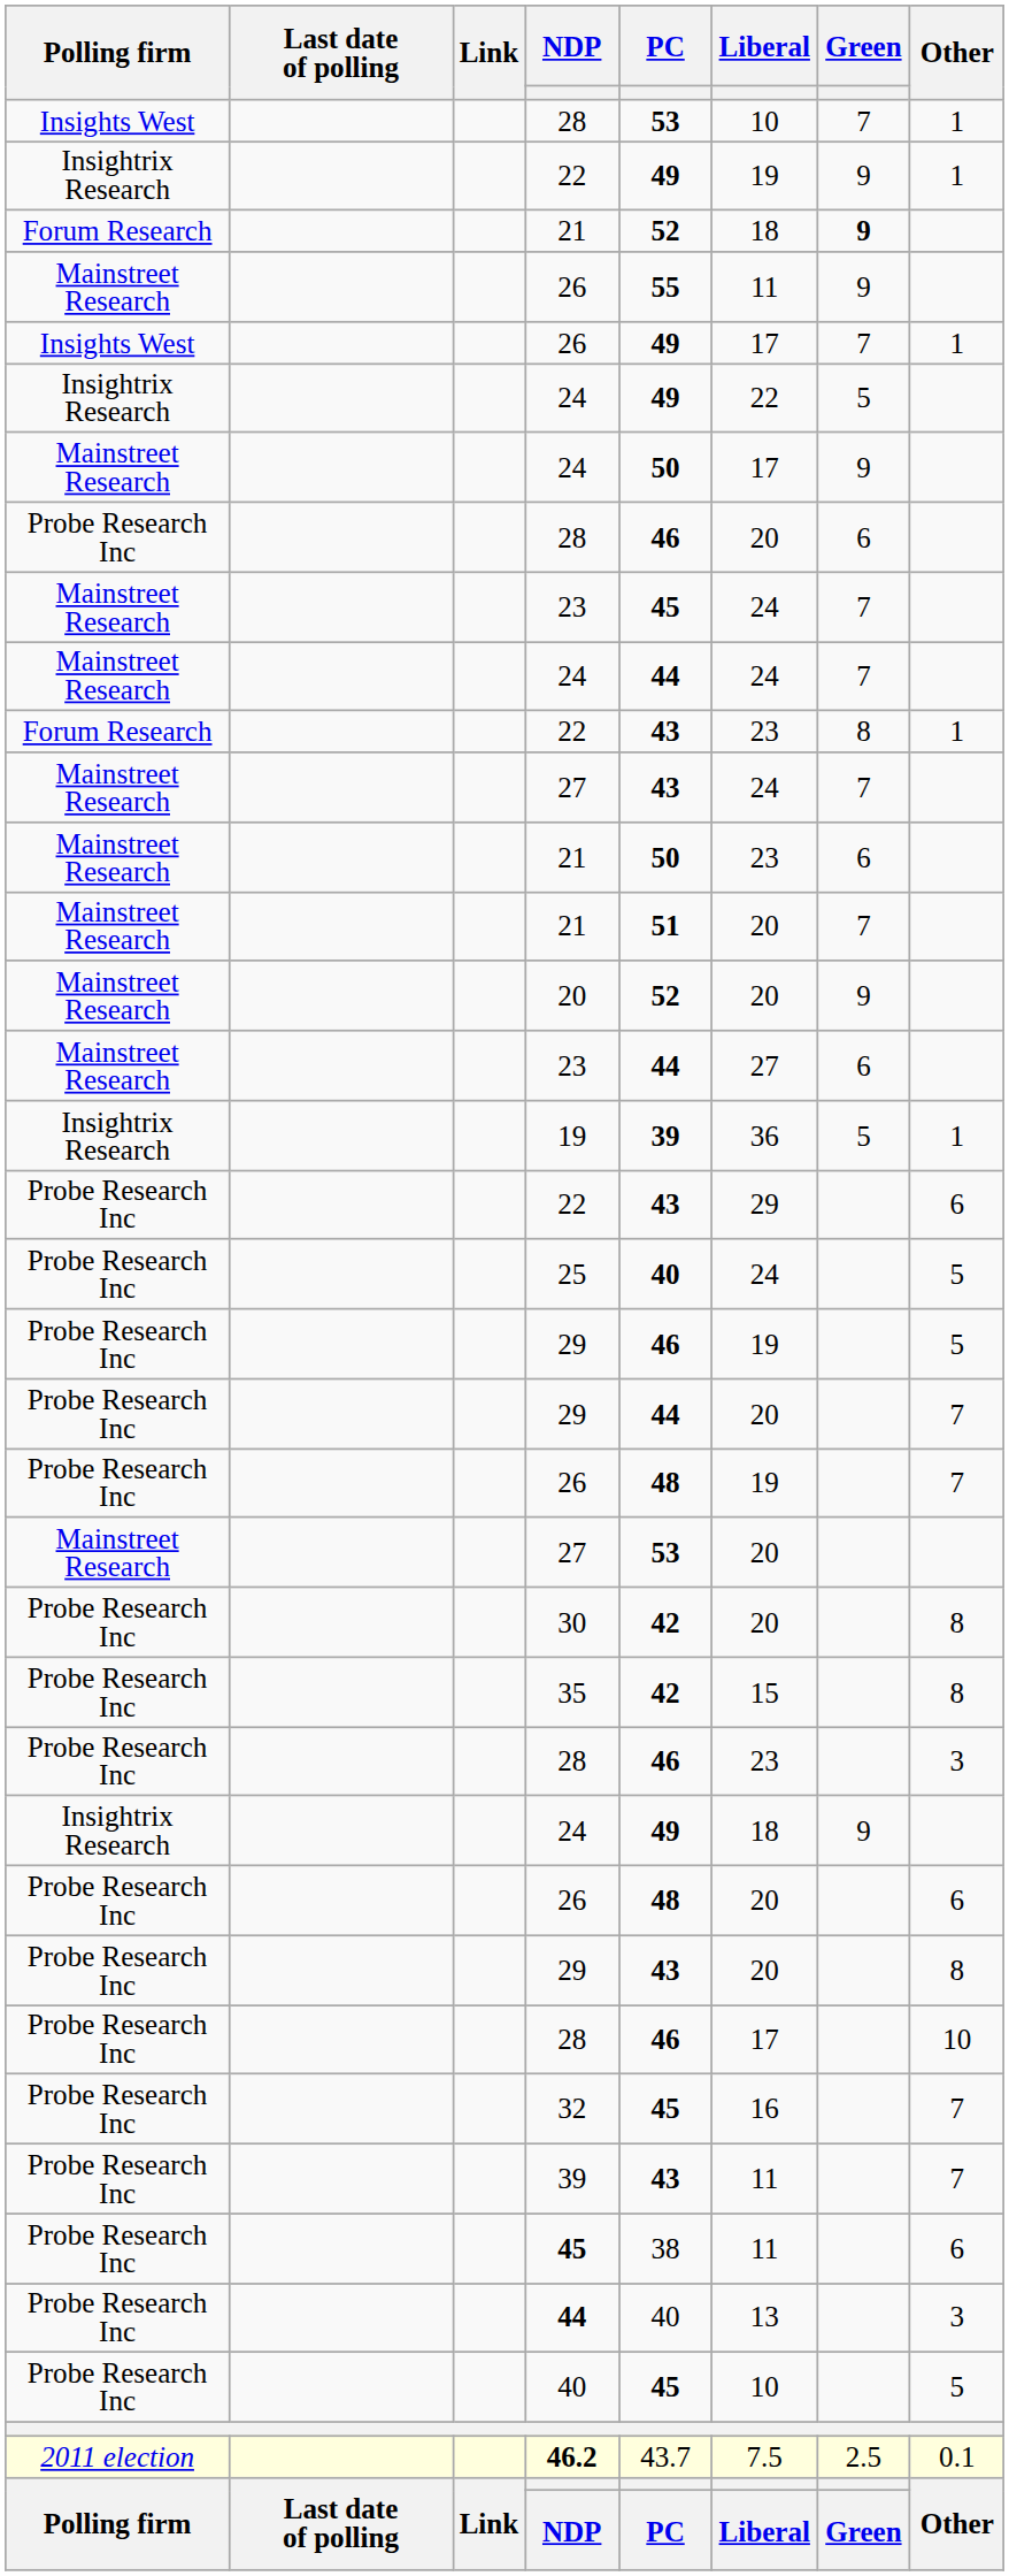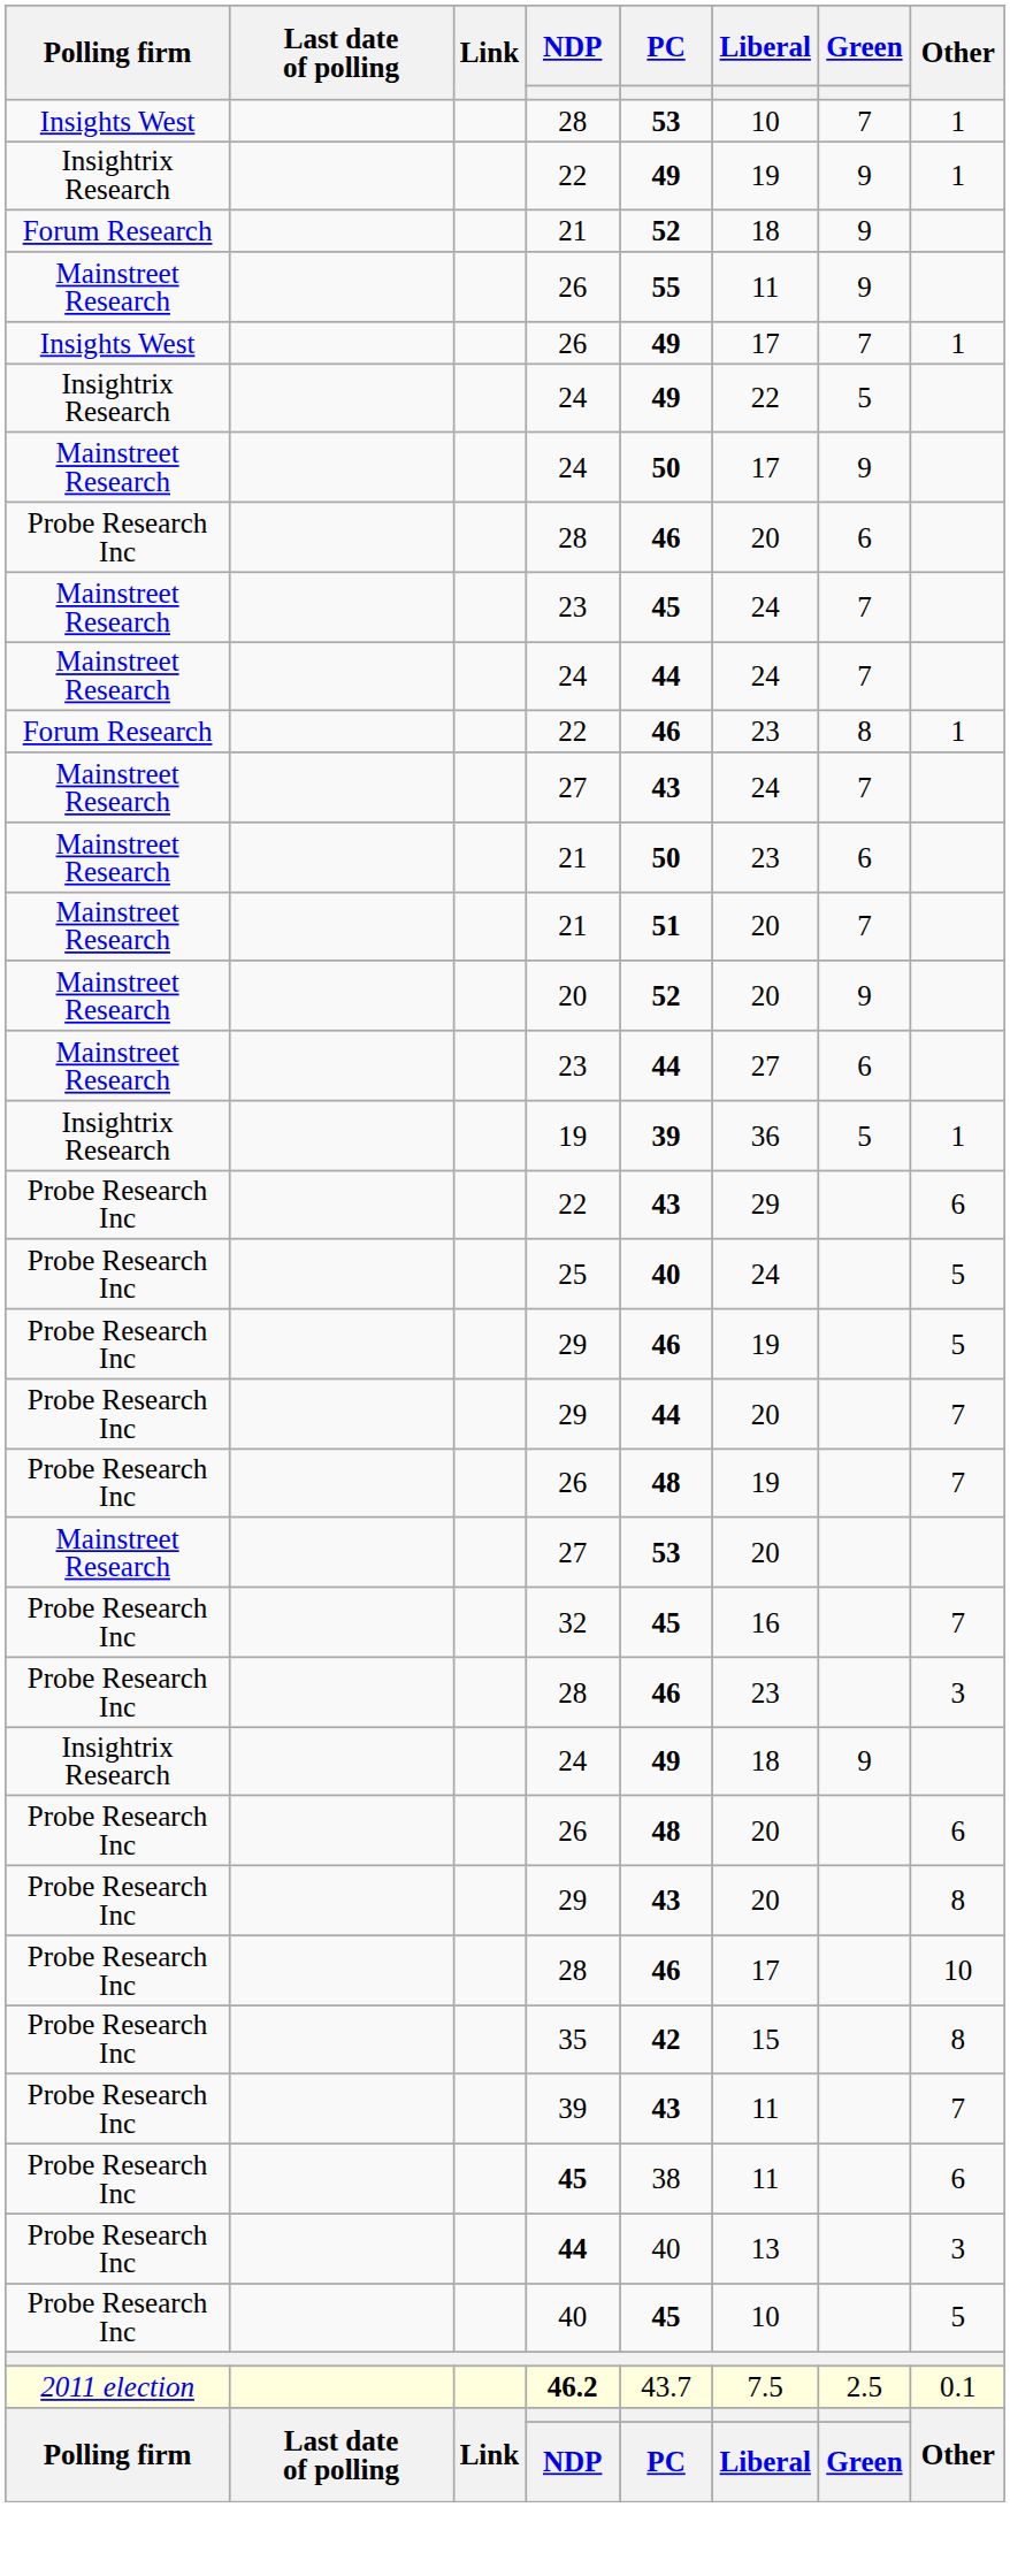 <table class="wikitable sortable tpl-blanktable" style="text-align:center;font-size:90%;line-height:14px">
 <tr style="height:40px;">
 <th style="width:105px" rowspan="2">Polling firm</th>
 <th style="width:105px" rowspan="2">Last date<br>of polling</th>
 <th sclass="unsortable" rowspan="2">Link</th>
 <th class="unsortable" style="width:40px"><a href='#'>NDP</a></th>
 <th class="unsortable" style="width:40px"><a href='#'>PC</a></th>
 <th class="unsortable" style="width:40px"><a href='#'>Liberal</a></th>
 <th class="unsortable" style="width:40px"><a href='#'>Green</a></th>
 <th rowspan="2" style="width:40px">Other</th>
 </tr>
 <tr>
 <th style="background:"></th>
 <th style="background:"></th>
 <th style="background:"></th>
 <th style="background:"></th>
 </tr>
 <tr>
 <td><a href='#'>Insights West</a></td>
 <td></td>
 <td></td>
 <td>28</td>
 <td><strong>53</strong></td>
 <td>10</td>
 <td>7</td>
 <td>1</td>
 </tr>
 <tr>
 <td>Insightrix Research</td>
 <td></td>
 <td></td>
 <td>22</td>
 <td><strong>49</strong></td>
 <td>19</td>
 <td>9</td>
 <td>1</td>
 </tr>
 <tr>
 <td><a href='#'>Forum Research</a></td>
 <td></td>
 <td></td>
 <td>21</td>
 <td><strong>52</strong></td>
 <td>18</td>
-<td><strong>9</strong></td>
+<td>9</td>
 <td></td>
 </tr>
 <tr>
 <td><a href='#'>Mainstreet Research</a></td>
 <td></td>
 <td></td>
 <td>26</td>
 <td><strong>55</strong></td>
 <td>11</td>
 <td>9</td>
 <td></td>
 </tr>
 <tr>
 <td><a href='#'>Insights West</a></td>
 <td></td>
 <td></td>
 <td>26</td>
 <td><strong>49</strong></td>
 <td>17</td>
 <td>7</td>
 <td>1</td>
 </tr>
 <tr>
 <td>Insightrix Research</td>
 <td></td>
 <td></td>
 <td>24</td>
 <td><strong>49</strong></td>
 <td>22</td>
 <td>5</td>
 <td></td>
 </tr>
 <tr>
 <td><a href='#'>Mainstreet Research</a></td>
 <td></td>
 <td></td>
 <td>24</td>
 <td><strong>50</strong></td>
 <td>17</td>
 <td>9</td>
 <td></td>
 </tr>
 <tr>
 <td>Probe Research Inc</td>
 <td></td>
 <td></td>
 <td>28</td>
 <td><strong>46</strong></td>
 <td>20</td>
 <td>6</td>
 <td></td>
 </tr>
 <tr>
 <td><a href='#'>Mainstreet Research</a></td>
 <td></td>
 <td></td>
 <td>23</td>
 <td><strong>45</strong></td>
 <td>24</td>
 <td>7</td>
 <td></td>
 </tr>
 <tr>
 <td><a href='#'>Mainstreet Research</a></td>
 <td></td>
 <td></td>
 <td>24</td>
 <td><strong>44</strong></td>
 <td>24</td>
 <td>7</td>
 <td></td>
 </tr>
 <tr>
 <td><a href='#'>Forum Research</a></td>
 <td></td>
 <td></td>
 <td>22</td>
-<td><strong>43</strong></td>
+<td><strong>46</strong></td>
 <td>23</td>
 <td>8</td>
 <td>1</td>
 </tr>
 <tr>
 <td><a href='#'>Mainstreet Research</a></td>
 <td></td>
 <td></td>
 <td>27</td>
 <td><strong>43</strong></td>
 <td>24</td>
 <td>7</td>
 <td></td>
 </tr>
 <tr>
 <td><a href='#'>Mainstreet Research</a></td>
 <td></td>
 <td></td>
 <td>21</td>
 <td><strong>50</strong></td>
 <td>23</td>
 <td>6</td>
 <td></td>
 </tr>
 <tr>
 <td><a href='#'>Mainstreet Research</a></td>
 <td></td>
 <td></td>
 <td>21</td>
 <td><strong>51</strong></td>
 <td>20</td>
 <td>7</td>
 <td></td>
 </tr>
 <tr>
 <td><a href='#'>Mainstreet Research</a></td>
 <td></td>
 <td></td>
 <td>20</td>
 <td><strong>52</strong></td>
 <td>20</td>
 <td>9</td>
 <td></td>
 </tr>
 <tr>
 <td><a href='#'>Mainstreet Research</a></td>
 <td></td>
 <td></td>
 <td>23</td>
 <td><strong>44</strong></td>
 <td>27</td>
 <td>6</td>
 <td></td>
 </tr>
 <tr>
 <td>Insightrix Research</td>
 <td></td>
 <td></td>
 <td>19</td>
 <td><strong>39</strong></td>
 <td>36</td>
 <td>5</td>
 <td>1</td>
 </tr>
 <tr>
 <td>Probe Research Inc</td>
 <td></td>
 <td></td>
 <td>22</td>
 <td><strong>43</strong></td>
 <td>29</td>
 <td></td>
 <td>6</td>
 </tr>
 <tr>
 <td>Probe Research Inc</td>
 <td></td>
 <td></td>
 <td>25</td>
 <td><strong>40</strong></td>
 <td>24</td>
 <td></td>
 <td>5</td>
 </tr>
 <tr>
 <td>Probe Research Inc</td>
 <td></td>
 <td></td>
 <td>29</td>
 <td><strong>46</strong></td>
 <td>19</td>
 <td></td>
 <td>5</td>
 </tr>
 <tr>
 <td>Probe Research Inc</td>
 <td></td>
 <td></td>
 <td>29</td>
 <td><strong>44</strong></td>
 <td>20</td>
 <td></td>
 <td>7</td>
 </tr>
 <tr>
 <td>Probe Research Inc</td>
 <td></td>
 <td></td>
 <td>26</td>
 <td><strong>48</strong></td>
 <td>19</td>
 <td></td>
 <td>7</td>
 </tr>
 <tr>
 <td><a href='#'>Mainstreet Research</a></td>
 <td></td>
 <td></td>
 <td>27</td>
 <td><strong>53</strong></td>
 <td>20</td>
 <td></td>
 <td></td>
 </tr>
 <tr>
 <td>Probe Research Inc</td>
 <td></td>
 <td></td>
-<td>30</td>
-<td><strong>42</strong></td>
-<td>20</td>
+<td>32</td>
+<td><strong>45</strong></td>
+<td>16</td>
 <td></td>
-<td>8</td>
-</tr>
-<tr>
-<td>Probe Research Inc</td>
-<td></td>
-<td></td>
-<td>35</td>
-<td><strong>42</strong></td>
-<td>15</td>
-<td></td>
-<td>8</td>
+<td>7</td>
 </tr>
 <tr>
 <td>Probe Research Inc</td>
 <td></td>
 <td></td>
 <td>28</td>
 <td><strong>46</strong></td>
 <td>23</td>
 <td></td>
 <td>3</td>
 </tr>
 <tr>
 <td>Insightrix Research</td>
 <td></td>
 <td></td>
 <td>24</td>
 <td><strong>49</strong></td>
 <td>18</td>
 <td>9</td>
 <td></td>
 </tr>
 <tr>
 <td>Probe Research Inc</td>
 <td></td>
 <td></td>
 <td>26</td>
 <td><strong>48</strong></td>
 <td>20</td>
 <td></td>
 <td>6</td>
 </tr>
 <tr>
 <td>Probe Research Inc</td>
 <td></td>
 <td></td>
 <td>29</td>
 <td><strong>43</strong></td>
 <td>20</td>
 <td></td>
 <td>8</td>
 </tr>
 <tr>
 <td>Probe Research Inc</td>
 <td></td>
 <td></td>
 <td>28</td>
 <td><strong>46</strong></td>
 <td>17</td>
 <td></td>
 <td>10</td>
 </tr>
 <tr>
 <td>Probe Research Inc</td>
 <td></td>
 <td></td>
-<td>32</td>
-<td><strong>45</strong></td>
-<td>16</td>
+<td>35</td>
+<td><strong>42</strong></td>
+<td>15</td>
 <td></td>
-<td>7</td>
+<td>8</td>
 </tr>
 <tr>
 <td>Probe Research Inc</td>
 <td></td>
 <td></td>
 <td>39</td>
 <td><strong>43</strong></td>
 <td>11</td>
 <td></td>
 <td>7</td>
 </tr>
 <tr>
 <td>Probe Research Inc</td>
 <td></td>
 <td></td>
 <td><strong>45</strong></td>
 <td>38</td>
 <td>11</td>
 <td></td>
 <td>6</td>
 </tr>
 <tr>
 <td>Probe Research Inc</td>
 <td></td>
 <td></td>
 <td><strong>44</strong></td>
 <td>40</td>
 <td>13</td>
 <td></td>
 <td>3</td>
 </tr>
 <tr>
 <td>Probe Research Inc</td>
 <td></td>
 <td></td>
 <td>40</td>
 <td><strong>45</strong></td>
 <td>10</td>
 <td></td>
 <td>5</td>
 </tr>
 <tr>
 <th colspan="8"></th>
 </tr>
 <tr style="background:#ffd;">
 <td><a href='#'><em>2011 election</em></a></td>
 <td></td>
 <td></td>
 <td><strong>46.2</strong></td>
 <td>43.7</td>
 <td>7.5</td>
 <td>2.5</td>
 <td>0.1</td>
 </tr>
 <tr>
 <th rowspan="2">Polling firm</th>
 <th rowspan="2">Last date<br>of polling</th>
 <th rowspan="2">Link</th>
 <th style="background:"></th>
 <th style="background:"></th>
 <th style="background:"></th>
 <th style="background:"></th>
 <th rowspan="2">Other</th>
 </tr>
 <tr style="height:40px;">
 <th><a href='#'>NDP</a></th>
 <th><a href='#'>PC</a></th>
 <th><a href='#'>Liberal</a></th>
 <th><a href='#'>Green</a></th>
 </tr>
 </table>
